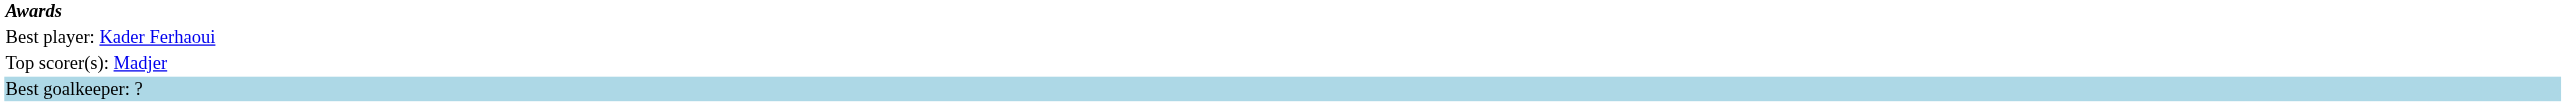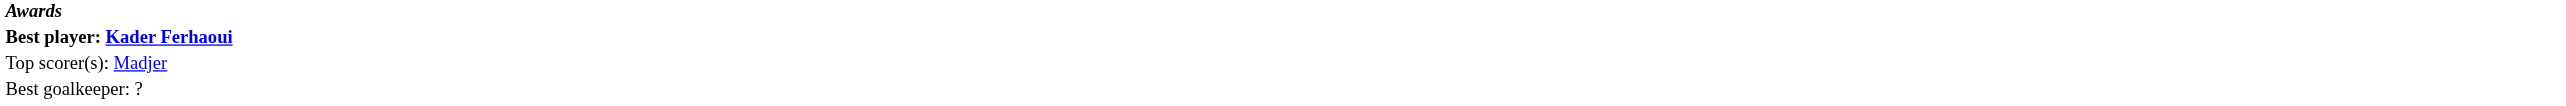 <table width=100% cellspacing=1 style="font-size: 90%;">
 <tr>
 <td><strong><em>Awards</em></strong></td>
 </tr>
 <tr>
-<td>Best player:  <a href='#'>Kader Ferhaoui</a></td>
+<td><strong>Best player:  <a href='#'>Kader Ferhaoui</a></strong></td>
 </tr>
 <tr>
 <td colspan=4>Top scorer(s):  <a href='#'>Madjer</a></td>
 </tr>
 <tr>
-<td style="background: lightblue;">Best goalkeeper:  ?</td>
+<td>Best goalkeeper:  ?</td>
 </tr>
 </table>
